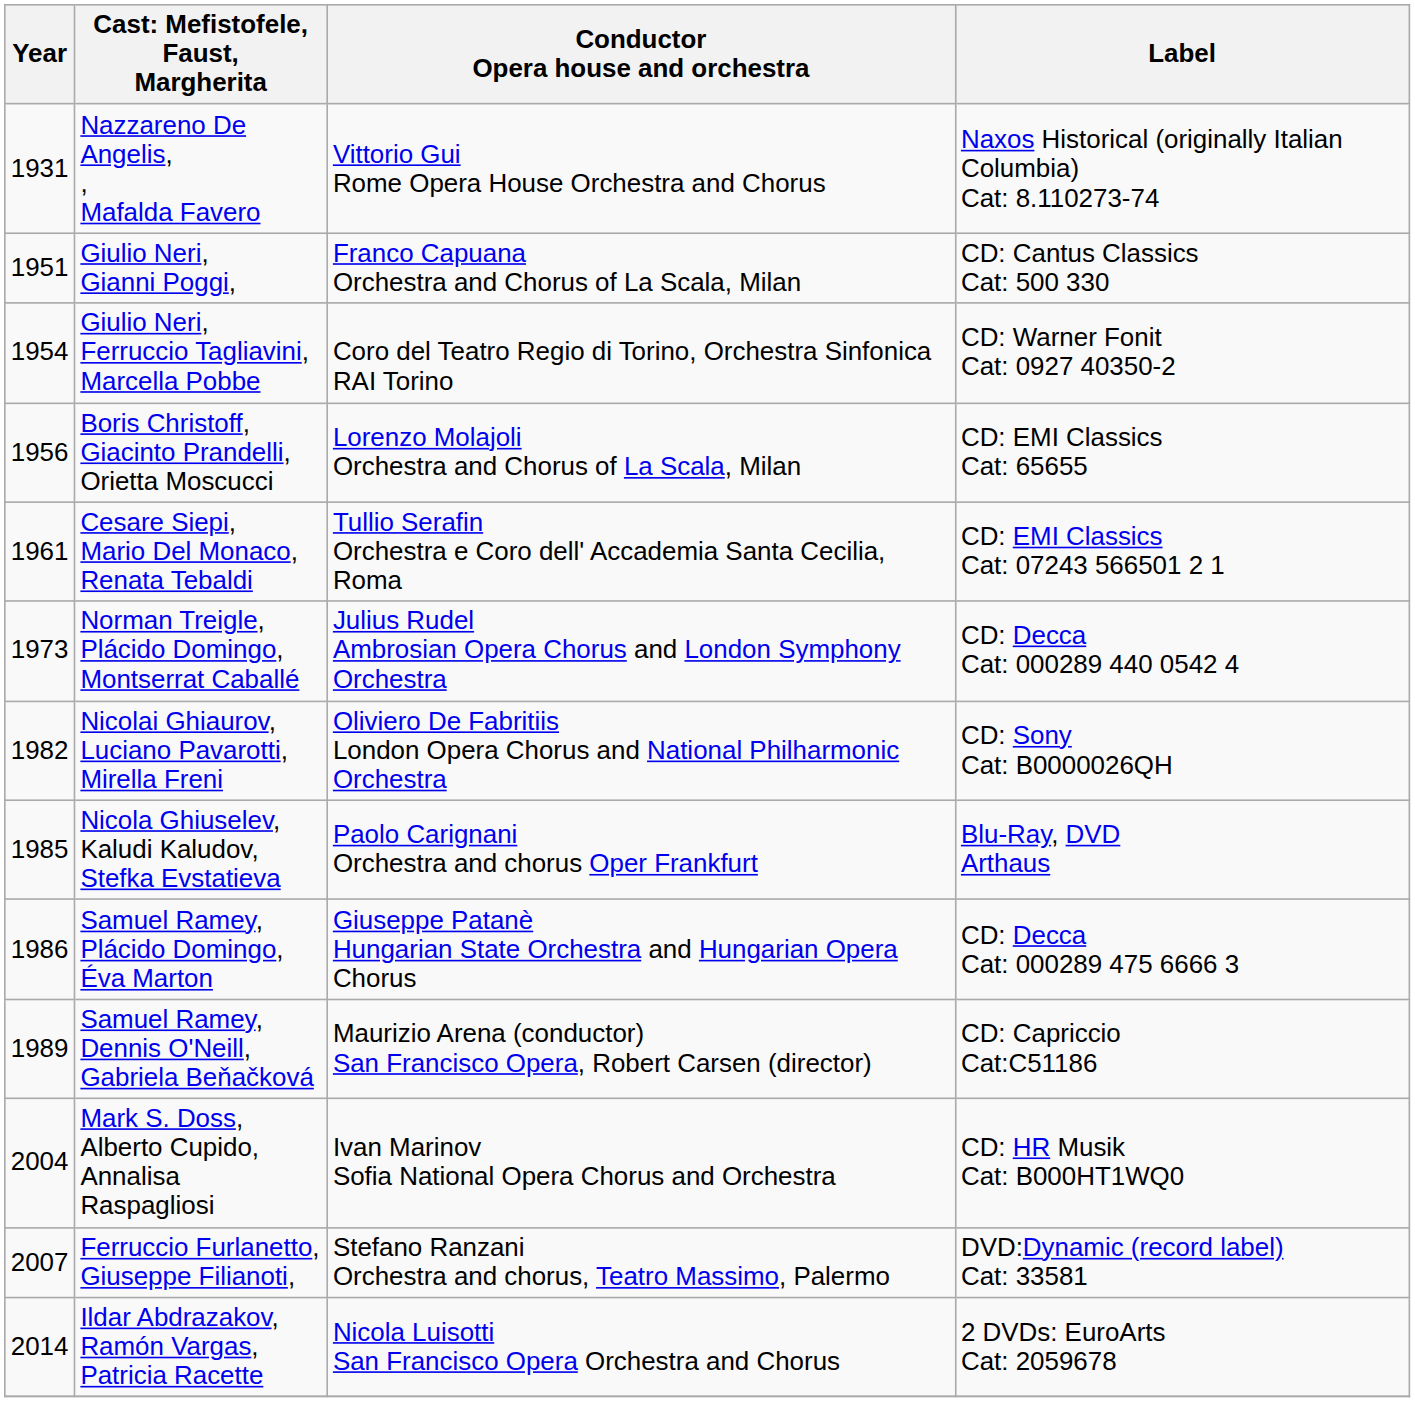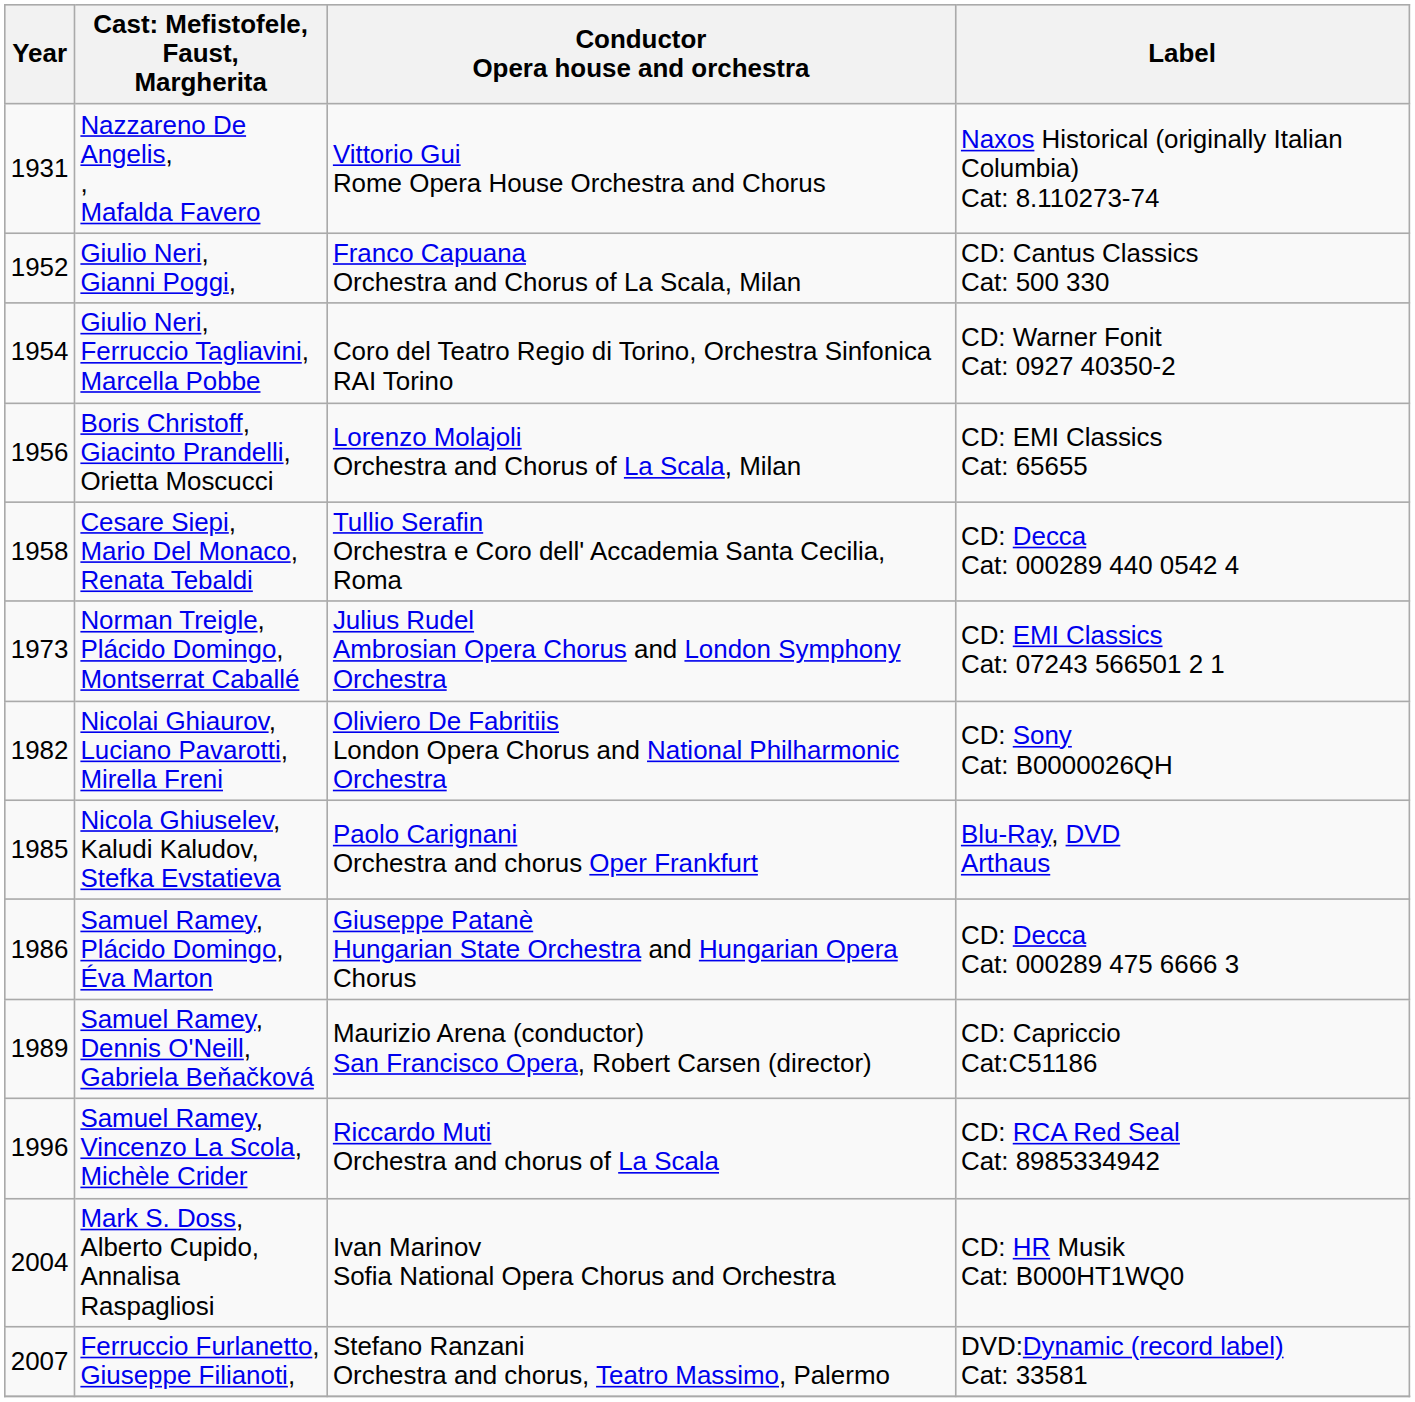 <table class="wikitable">
 <tr>
 <th>Year</th>
 <th>Cast: Mefistofele,<br>Faust,<br>Margherita</th>
 <th>Conductor<br>Opera house and orchestra</th>
 <th>Label</th>
 </tr>
 <tr>
 <td>1931</td>
 <td><a href='#'>Nazzareno De Angelis</a>,<br>,<br><a href='#'>Mafalda Favero</a></td>
 <td><a href='#'>Vittorio Gui</a><br>Rome Opera House Orchestra and Chorus</td>
 <td><a href='#'>Naxos</a> Historical (originally Italian Columbia)<br>Cat: 8.110273-74</td>
 </tr>
 <tr>
-<td>1951</td>
+<td>1952</td>
 <td><a href='#'>Giulio Neri</a>,<br><a href='#'>Gianni Poggi</a>,<br></td>
 <td><a href='#'>Franco Capuana</a><br>Orchestra and Chorus of La Scala, Milan</td>
 <td>CD: Cantus Classics<br>Cat: 500 330</td>
 </tr>
 <tr>
 <td>1954</td>
 <td><a href='#'>Giulio Neri</a>,<br><a href='#'>Ferruccio Tagliavini</a>,<br><a href='#'>Marcella Pobbe</a></td>
 <td><br>Coro del Teatro Regio di Torino, Orchestra Sinfonica RAI Torino</td>
 <td>CD: Warner Fonit<br>Cat: 0927 40350-2</td>
 </tr>
 <tr>
 <td>1956</td>
 <td><a href='#'>Boris Christoff</a>,<br><a href='#'>Giacinto Prandelli</a>,<br>Orietta Moscucci</td>
 <td><a href='#'>Lorenzo Molajoli</a><br>Orchestra and Chorus of <a href='#'>La Scala</a>, Milan</td>
 <td>CD: EMI Classics<br>Cat: 65655</td>
 </tr>
 <tr>
-<td>1961</td>
+<td>1958</td>
 <td><a href='#'>Cesare Siepi</a>,<br><a href='#'>Mario Del Monaco</a>,<br><a href='#'>Renata Tebaldi</a></td>
 <td><a href='#'>Tullio Serafin</a><br>Orchestra e Coro dell' Accademia Santa Cecilia, Roma</td>
-<td>CD: <a href='#'>EMI Classics</a><br>Cat: 07243 566501 2 1</td>
+<td>CD: <a href='#'>Decca</a><br>Cat: 000289 440 0542 4</td>
 </tr>
 <tr>
 <td>1973</td>
 <td><a href='#'>Norman Treigle</a>,<br><a href='#'>Plácido Domingo</a>,<br><a href='#'>Montserrat Caballé</a></td>
 <td><a href='#'>Julius Rudel</a><br><a href='#'>Ambrosian Opera Chorus</a> and <a href='#'>London Symphony Orchestra</a></td>
-<td>CD: <a href='#'>Decca</a><br>Cat: 000289 440 0542 4</td>
+<td>CD: <a href='#'>EMI Classics</a><br>Cat: 07243 566501 2 1</td>
 </tr>
 <tr>
 <td>1982</td>
 <td><a href='#'>Nicolai Ghiaurov</a>,<br><a href='#'>Luciano Pavarotti</a>,<br><a href='#'>Mirella Freni</a></td>
 <td><a href='#'>Oliviero De Fabritiis</a> <br>London Opera Chorus and <a href='#'>National Philharmonic Orchestra</a></td>
 <td>CD: <a href='#'>Sony</a><br>Cat: B0000026QH</td>
 </tr>
 <tr>
 <td>1985</td>
 <td><a href='#'>Nicola Ghiuselev</a>,<br>Kaludi Kaludov,<br><a href='#'>Stefka Evstatieva</a></td>
 <td><a href='#'>Paolo Carignani</a> <br> Orchestra and chorus <a href='#'>Oper Frankfurt</a></td>
 <td><a href='#'>Blu-Ray</a>, <a href='#'>DVD</a><br><a href='#'>Arthaus</a></td>
 </tr>
 <tr>
 <td>1986</td>
 <td><a href='#'>Samuel Ramey</a>,<br><a href='#'>Plácido Domingo</a>,<br><a href='#'>Éva Marton</a></td>
 <td><a href='#'>Giuseppe Patanè</a> <br><a href='#'>Hungarian State Orchestra</a> and <a href='#'>Hungarian Opera</a> Chorus</td>
 <td>CD: <a href='#'>Decca</a><br>Cat: 000289 475 6666 3</td>
 </tr>
 <tr>
 <td>1989</td>
 <td><a href='#'>Samuel Ramey</a>,<br><a href='#'>Dennis O'Neill</a>,<br><a href='#'>Gabriela Beňačková</a></td>
 <td>Maurizio Arena (conductor)<br><a href='#'>San Francisco Opera</a>, Robert Carsen (director)</td>
 <td>CD: Capriccio<br>Cat:C51186</td>
 </tr>
 <tr>
+<td>1996</td>
+<td><a href='#'>Samuel Ramey</a>,<br><a href='#'>Vincenzo La Scola</a>,<br><a href='#'>Michèle Crider</a></td>
+<td><a href='#'>Riccardo Muti</a><br>Orchestra and chorus of <a href='#'>La Scala</a></td>
+<td>CD: <a href='#'>RCA Red Seal</a><br>Cat: 8985334942</td>
+</tr>
+<tr>
 <td>2004</td>
 <td><a href='#'>Mark S. Doss</a>,<br>Alberto Cupido,<br>Annalisa Raspagliosi</td>
 <td>Ivan Marinov<br>Sofia National Opera Chorus and Orchestra</td>
 <td>CD: <a href='#'>HR</a> Musik<br>Cat: B000HT1WQ0 </td>
 </tr>
 <tr>
 <td>2007</td>
 <td><a href='#'>Ferruccio Furlanetto</a>,<br><a href='#'>Giuseppe Filianoti</a>,<br></td>
 <td>Stefano Ranzani <br> Orchestra and chorus, <a href='#'>Teatro Massimo</a>, Palermo</td>
 <td>DVD:<a href='#'>Dynamic (record label)</a><br>Cat: 33581</td>
 </tr>
 <tr>
-<td>2014</td>
-<td><a href='#'>Ildar Abdrazakov</a>,<br><a href='#'>Ramón Vargas</a>,<br><a href='#'>Patricia Racette</a></td>
-<td><a href='#'>Nicola Luisotti</a> <br><a href='#'>San Francisco Opera</a> Orchestra and Chorus</td>
-<td>2 DVDs: EuroArts<br>Cat: 2059678 </td>
-</tr>
-<tr>
 </tr>
 </table>
